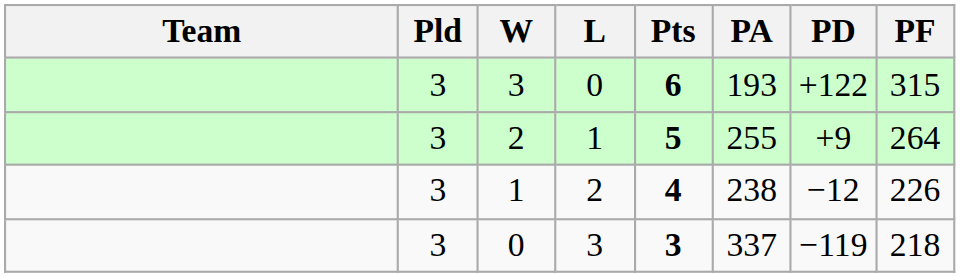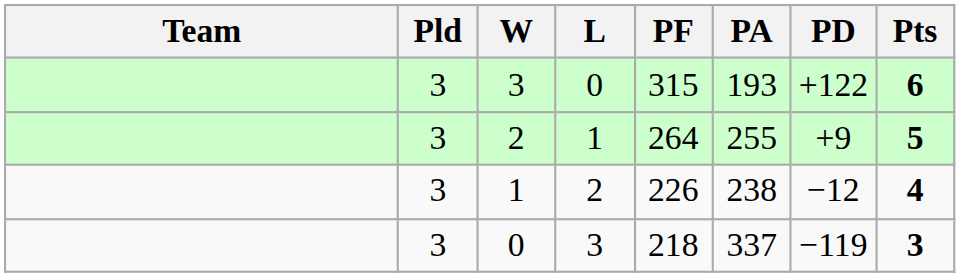 <table class=wikitable style="text-align:center">
 <tr>
 <th width=180>Team</th>
 <th width=30>Pld</th>
 <th width=30>W</th>
 <th width=30>L</th>
-<th width=30>Pts</th>
+<th width=30>PF</th>
 <th width=30>PA</th>
 <th width=30>PD</th>
-<th width=30>PF</th>
+<th width=30>Pts</th>
 </tr>
 <tr bgcolor="#ccffcc">
 <td align="left"></td>
 <td>3</td>
 <td>3</td>
 <td>0</td>
-<td><strong>6</strong></td>
+<td>315</td>
 <td>193</td>
 <td>+122</td>
-<td>315</td>
+<td><strong>6</strong></td>
 </tr>
 <tr bgcolor="#ccffcc">
 <td align="left"></td>
 <td>3</td>
 <td>2</td>
 <td>1</td>
-<td><strong>5</strong></td>
+<td>264</td>
 <td>255</td>
 <td>+9</td>
-<td>264</td>
+<td><strong>5</strong></td>
 </tr>
 <tr>
 <td align="left"></td>
 <td>3</td>
 <td>1</td>
 <td>2</td>
-<td><strong>4</strong></td>
+<td>226</td>
 <td>238</td>
 <td>−12</td>
-<td>226</td>
+<td><strong>4</strong></td>
 </tr>
 <tr>
 <td align="left"></td>
 <td>3</td>
 <td>0</td>
 <td>3</td>
-<td><strong>3</strong></td>
+<td>218</td>
 <td>337</td>
 <td>−119</td>
-<td>218</td>
+<td><strong>3</strong></td>
 </tr>
 </table>
